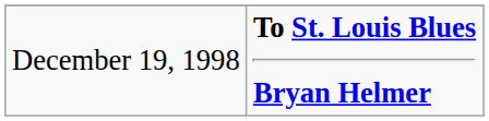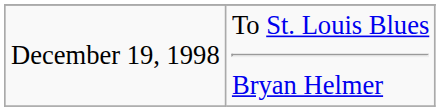 <table class="wikitable">
 <tr>
 </tr>
 <tr>
 <td>December 19, 1998</td>
-<td valign="top"><strong>To <a href='#'>St. Louis Blues</a><hr><a href='#'>Bryan Helmer</a></strong></td>
+<td valign="top">To <a href='#'>St. Louis Blues</a><hr><a href='#'>Bryan Helmer</a></td>
 </tr>
 </table>
